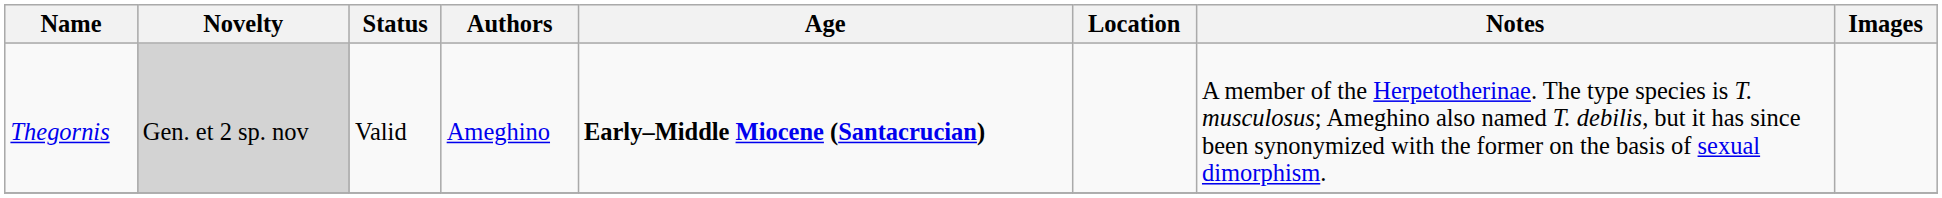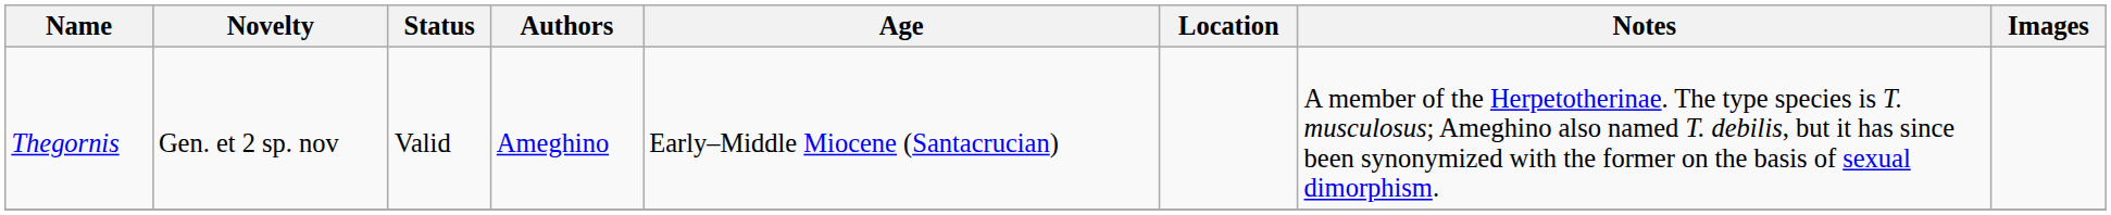 <table class="wikitable sortable" align="center" width="100%">
 <tr>
 <th>Name</th>
 <th>Novelty</th>
 <th>Status</th>
 <th>Authors</th>
 <th>Age</th>
 <th>Location</th>
 <th width="33%" class="unsortable">Notes</th>
 <th>Images</th>
 </tr>
 <tr>
 <td><br><em><a href='#'>Thegornis</a></em></td>
-<td style="background: lightgrey;"><br>Gen. et 2 sp. nov</td>
+<td><br>Gen. et 2 sp. nov</td>
 <td><br>Valid</td>
 <td><br><a href='#'>Ameghino</a></td>
-<td><strong><br>Early–Middle <a href='#'>Miocene</a> (<a href='#'>Santacrucian</a>)</strong></td>
+<td><br>Early–Middle <a href='#'>Miocene</a> (<a href='#'>Santacrucian</a>)</td>
 <td><br></td>
 <td><br>A member of the <a href='#'>Herpetotherinae</a>. The type species is  <em>T. musculosus</em>; Ameghino also named <em>T. debilis</em>, but it has since been synonymized with the former on the basis of <a href='#'>sexual dimorphism</a>.</td>
 <td></td>
 </tr>
 <tr>
 </tr>
 </table>
